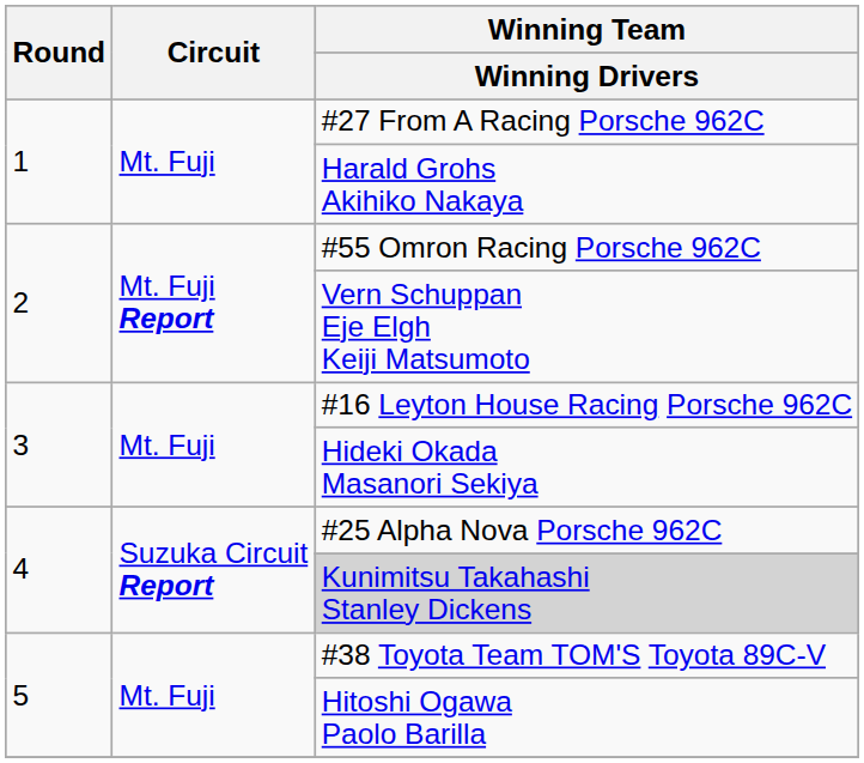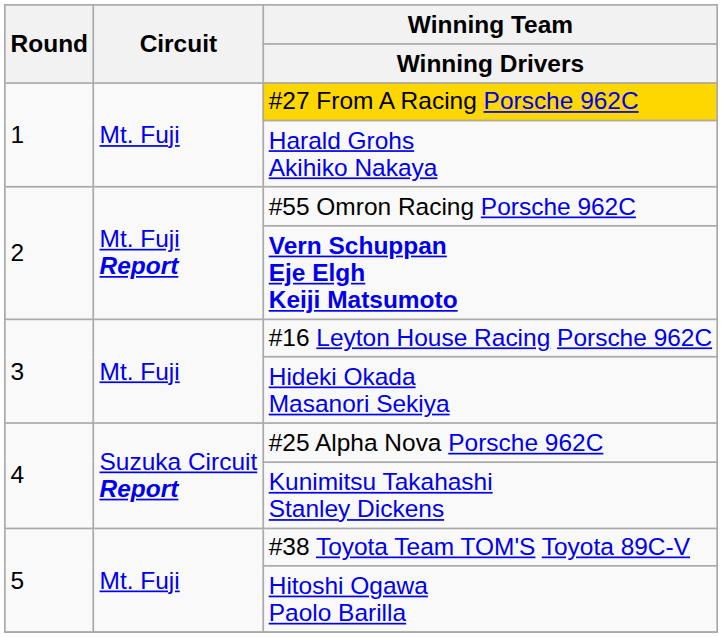 <table class="wikitable" style="font-size: 90%;">
 <tr>
 <th rowspan=2>Round</th>
 <th rowspan=2>Circuit</th>
 <th>Winning Team</th>
 </tr>
 <tr>
 <th>Winning Drivers</th>
 </tr>
 <tr>
 <td rowspan=2>1</td>
 <td rowspan=2><a href='#'>Mt. Fuji</a></td>
-<td>#27 From A Racing <a href='#'>Porsche 962C</a></td>
+<td style="background: gold;">#27 From A Racing <a href='#'>Porsche 962C</a></td>
 </tr>
 <tr>
 <td> <a href='#'>Harald Grohs</a><br> <a href='#'>Akihiko Nakaya</a></td>
 </tr>
 <tr>
 <td rowspan=2>2</td>
 <td rowspan=2><a href='#'>Mt. Fuji</a><br><strong><em><a href='#'>Report</a></em></strong></td>
 <td>#55 Omron Racing <a href='#'>Porsche 962C</a></td>
 </tr>
 <tr>
-<td> <a href='#'>Vern Schuppan</a><br> <a href='#'>Eje Elgh</a> <br> <a href='#'>Keiji Matsumoto</a></td>
+<td><strong> <a href='#'>Vern Schuppan</a><br> <a href='#'>Eje Elgh</a> <br> <a href='#'>Keiji Matsumoto</a></strong></td>
 </tr>
 <tr>
 <td rowspan=2>3</td>
 <td rowspan=2><a href='#'>Mt. Fuji</a></td>
 <td>#16 <a href='#'>Leyton House Racing</a> <a href='#'>Porsche 962C</a></td>
 </tr>
 <tr>
 <td> <a href='#'>Hideki Okada</a><br> <a href='#'>Masanori Sekiya</a></td>
 </tr>
 <tr>
 <td rowspan=2>4</td>
 <td rowspan=2><a href='#'>Suzuka Circuit</a><br><strong><em><a href='#'>Report</a></em></strong></td>
 <td>#25 Alpha Nova <a href='#'>Porsche 962C</a></td>
 </tr>
 <tr>
-<td style="background: lightgrey;"> <a href='#'>Kunimitsu Takahashi</a><br> <a href='#'>Stanley Dickens</a></td>
+<td> <a href='#'>Kunimitsu Takahashi</a><br> <a href='#'>Stanley Dickens</a></td>
 </tr>
 <tr>
 <td rowspan=2>5</td>
 <td rowspan=2><a href='#'>Mt. Fuji</a><br></td>
 <td>#38 <a href='#'>Toyota Team TOM'S</a> <a href='#'>Toyota 89C-V</a></td>
 </tr>
 <tr>
 <td> <a href='#'>Hitoshi Ogawa</a><br> <a href='#'>Paolo Barilla</a></td>
 </tr>
 <tr>
 </tr>
 </table>
